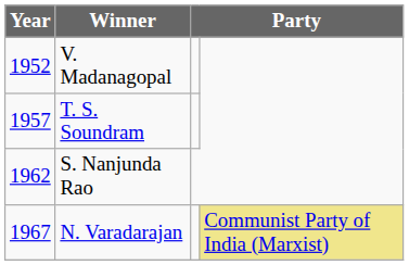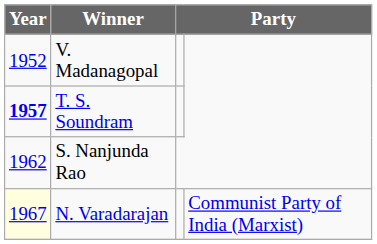 <table class="wikitable" width="50%">
 <tr>
 <th style="background-color:#666666; color:white">Year</th>
 <th style="background-color:#666666; color:white">Winner</th>
 <th style="background-color:#666666; color:white" colspan="2">Party</th>
 </tr>
 <tr>
 <td><a href='#'>1952</a></td>
 <td>V. Madanagopal</td>
 <td></td>
 </tr>
 <tr>
-<td><a href='#'>1957</a></td>
+<td><strong><a href='#'>1957</a></strong></td>
 <td><a href='#'>T. S. Soundram</a></td>
 <td></td>
 </tr>
 <tr>
 <td><a href='#'>1962</a></td>
 <td>S. Nanjunda Rao</td>
 </tr>
 <tr>
-<td><a href='#'>1967</a></td>
+<td style="background: lightyellow;"><a href='#'>1967</a></td>
 <td><a href='#'>N. Varadarajan</a></td>
 <td></td>
-<td style="background: khaki;"><a href='#'>Communist Party of India (Marxist)</a></td>
+<td><a href='#'>Communist Party of India (Marxist)</a></td>
 </tr>
 <tr>
 </tr>
 </table>
